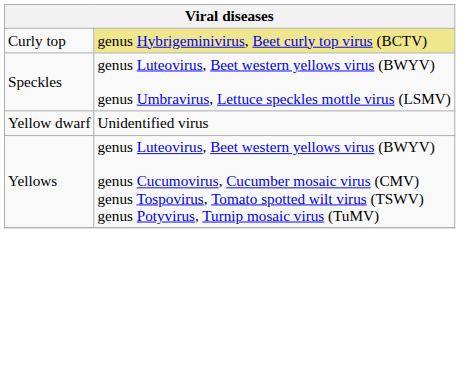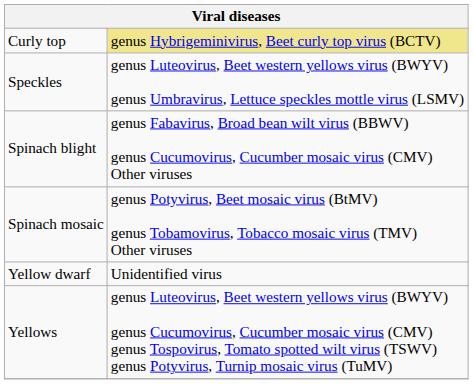 <table class="wikitable" style="clear">
 <tr>
 <th colspan=2><strong>Viral diseases</strong><br></th>
 </tr>
 <tr>
 <td>Curly top</td>
 <td style="background: khaki;">genus <a href='#'>Hybrigeminivirus</a>, <a href='#'>Beet curly top virus</a> (BCTV) <br></td>
 </tr>
 <tr>
 <td>Speckles</td>
 <td>genus <a href='#'>Luteovirus</a>, <a href='#'>Beet western yellows virus</a> (BWYV) <br><br>genus <a href='#'>Umbravirus</a>, <a href='#'>Lettuce speckles mottle virus</a> (LSMV)</td>
 </tr>
 <tr>
+<td>Spinach blight</td>
+<td>genus <a href='#'>Fabavirus</a>, <a href='#'>Broad bean wilt virus</a> (BBWV) <br><br>genus <a href='#'>Cucumovirus</a>, <a href='#'>Cucumber mosaic virus</a> (CMV) <br> Other viruses</td>
+</tr>
+<tr>
+<td>Spinach mosaic</td>
+<td>genus <a href='#'>Potyvirus</a>, <a href='#'>Beet mosaic virus</a> (BtMV) <br><br>genus <a href='#'>Tobamovirus</a>, <a href='#'>Tobacco mosaic virus</a> (TMV) <br> Other viruses</td>
+</tr>
+<tr>
 <td>Yellow dwarf</td>
 <td>Unidentified virus</td>
 </tr>
 <tr>
 <td>Yellows</td>
 <td>genus <a href='#'>Luteovirus</a>, <a href='#'>Beet western yellows virus</a> (BWYV) <br><br>genus <a href='#'>Cucumovirus</a>, <a href='#'>Cucumber mosaic virus</a> (CMV) <br> genus <a href='#'>Tospovirus</a>, <a href='#'>Tomato spotted wilt virus</a> (TSWV) <br> genus <a href='#'>Potyvirus</a>, <a href='#'>Turnip mosaic virus</a> (TuMV)</td>
 </tr>
 <tr>
 </tr>
 </table>
